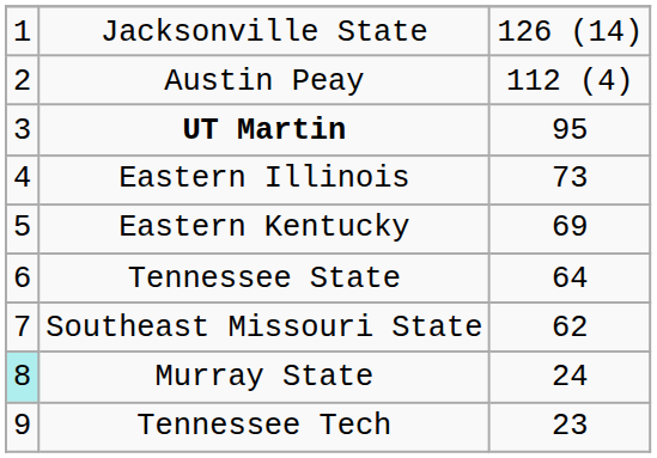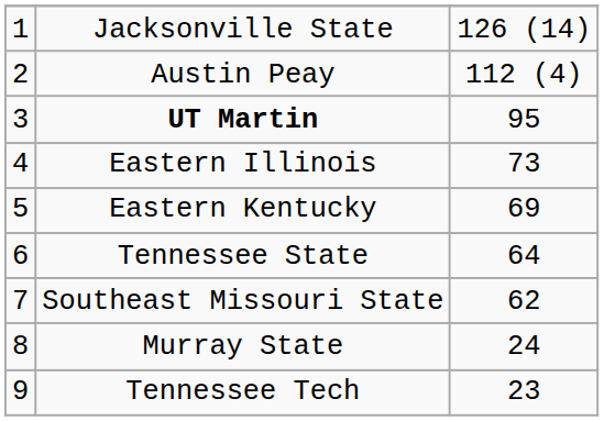 <table class="wikitable" style="display: inline-table;">
 <tr align="center">
 </tr>
 <tr align="center">
 <td>1</td>
 <td>Jacksonville State</td>
 <td>126 (14)</td>
 </tr>
 <tr align="center">
 <td>2</td>
 <td>Austin Peay</td>
 <td>112 (4)</td>
 </tr>
 <tr align="center">
 <td>3</td>
 <td><strong>UT Martin</strong></td>
 <td>95</td>
 </tr>
 <tr align="center">
 <td>4</td>
 <td>Eastern Illinois</td>
 <td>73</td>
 </tr>
 <tr align="center">
 <td>5</td>
 <td>Eastern Kentucky</td>
 <td>69</td>
 </tr>
 <tr align="center">
 <td>6</td>
 <td>Tennessee State</td>
 <td>64</td>
 </tr>
 <tr align="center">
 <td>7</td>
 <td>Southeast Missouri State</td>
 <td>62</td>
 </tr>
 <tr align="center">
-<td style="background: paleturquoise;">8</td>
+<td>8</td>
 <td>Murray State</td>
 <td>24</td>
 </tr>
 <tr align="center">
 <td>9</td>
 <td>Tennessee Tech</td>
 <td>23</td>
 </tr>
 </table>
